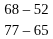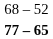 <table style="text-align:center;">
 <tr>
 <th width=200></th>
 <th width=100></th>
 <th width=200></th>
 <th></th>
 </tr>
 <tr>
 <td align=right><strong></strong></td>
 <td>68 – 52</td>
 <td align=left></td>
 </tr>
 <tr>
 <td align=right><strong></strong></td>
-<td>77 – 65</td>
+<td><strong>77 – 65</strong></td>
 <td align=left></td>
 </tr>
 </table>
